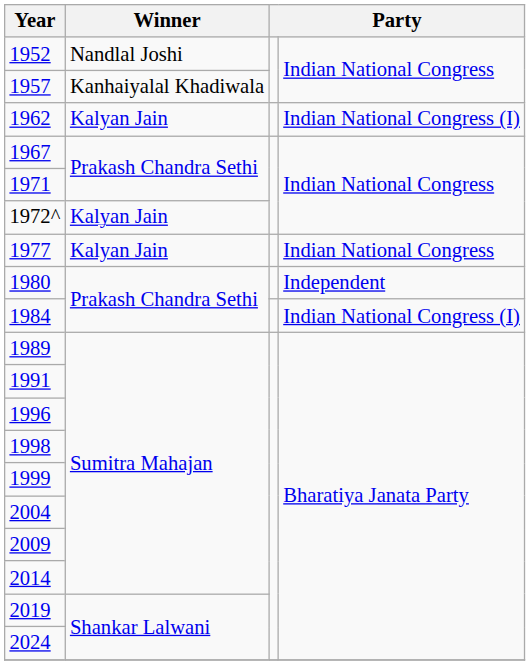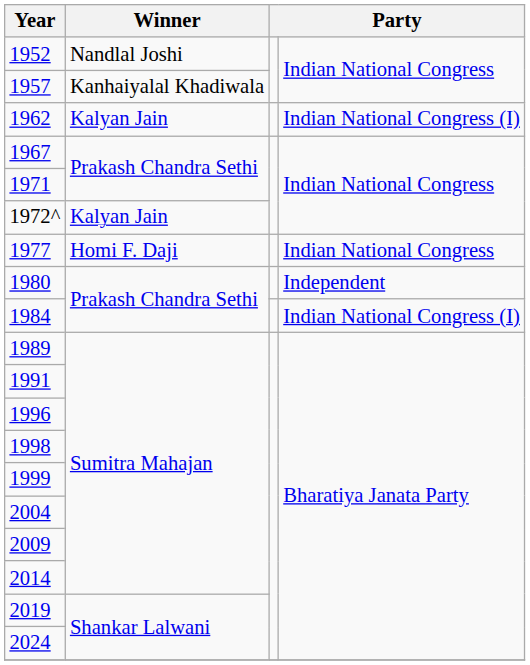 <table class="wikitable">
 <tr>
 <th>Year</th>
 <th>Winner</th>
 <th colspan="2">Party</th>
 </tr>
 <tr>
 <td><a href='#'>1952</a></td>
 <td>Nandlal Joshi</td>
 <td rowspan="2" style="background-color: "></td>
 <td rowspan="2"><a href='#'>Indian National Congress</a></td>
 </tr>
 <tr>
 <td><a href='#'>1957</a></td>
 <td>Kanhaiyalal Khadiwala</td>
 </tr>
 <tr>
 <td><a href='#'>1962</a></td>
 <td><a href='#'>Kalyan Jain</a></td>
 <td style="background-color: "></td>
 <td><a href='#'>Indian National Congress (I)</a></td>
 </tr>
 <tr>
 <td><a href='#'>1967</a></td>
 <td rowspan="2"><a href='#'>Prakash Chandra Sethi</a></td>
 <td rowspan="3" style="background-color: "></td>
 <td rowspan="3"><a href='#'>Indian National Congress</a></td>
 </tr>
 <tr>
 <td><a href='#'>1971</a></td>
 </tr>
 <tr>
 <td>1972^</td>
 <td><a href='#'>Kalyan Jain</a></td>
 </tr>
 <tr>
 <td><a href='#'>1977</a></td>
-<td><a href='#'>Kalyan Jain</a></td>
+<td><a href='#'>Homi F. Daji</a></td>
 <td style="background-color: "></td>
 <td><a href='#'>Indian National Congress</a></td>
 </tr>
 <tr>
 <td><a href='#'>1980</a></td>
 <td rowspan="2"><a href='#'>Prakash Chandra Sethi</a></td>
 <td style="background-color: "></td>
 <td><a href='#'>Independent</a></td>
 </tr>
 <tr>
 <td><a href='#'>1984</a></td>
 <td style="background-color: "></td>
 <td><a href='#'>Indian National Congress (I)</a></td>
 </tr>
 <tr>
 <td><a href='#'>1989</a></td>
 <td rowspan="8"><a href='#'>Sumitra Mahajan</a></td>
 <td rowspan="10" style="background-color: "></td>
 <td rowspan="10"><a href='#'>Bharatiya Janata Party</a></td>
 </tr>
 <tr>
 <td><a href='#'>1991</a></td>
 </tr>
 <tr>
 <td><a href='#'>1996</a></td>
 </tr>
 <tr>
 <td><a href='#'>1998</a></td>
 </tr>
 <tr>
 <td><a href='#'>1999</a></td>
 </tr>
 <tr>
 <td><a href='#'>2004</a></td>
 </tr>
 <tr>
 <td><a href='#'>2009</a></td>
 </tr>
 <tr>
 <td><a href='#'>2014</a></td>
 </tr>
 <tr>
 <td><a href='#'>2019</a></td>
 <td rowspan="2"><a href='#'>Shankar Lalwani</a></td>
 </tr>
 <tr>
 <td><a href='#'>2024</a></td>
 </tr>
 <tr>
 </tr>
 </table>
